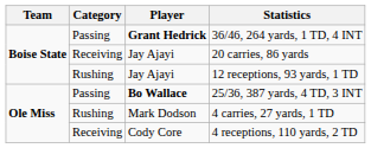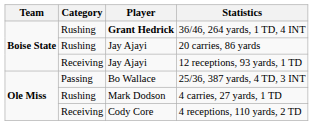 <table class="wikitable" style="float: right;">
 <tr>
 <th>Team</th>
 <th>Category</th>
 <th>Player</th>
 <th>Statistics</th>
 </tr>
 <tr>
 <td rowspan=3><strong>Boise State</strong></td>
-<td>Passing</td>
+<td>Rushing</td>
 <td><strong>Grant Hedrick</strong></td>
 <td>36/46, 264 yards, 1 TD, 4 INT</td>
 </tr>
 <tr>
-<td>Receiving</td>
+<td>Rushing</td>
 <td>Jay Ajayi</td>
 <td>20 carries, 86 yards</td>
 </tr>
 <tr>
-<td>Rushing</td>
+<td>Receiving</td>
 <td>Jay Ajayi</td>
 <td>12 receptions, 93 yards, 1 TD</td>
 </tr>
 <tr>
 <td rowspan=3><strong>Ole Miss</strong></td>
 <td>Passing</td>
-<td><strong>Bo Wallace</strong></td>
+<td>Bo Wallace</td>
 <td>25/36, 387 yards, 4 TD, 3 INT</td>
 </tr>
 <tr>
 <td>Rushing</td>
 <td>Mark Dodson</td>
 <td>4 carries, 27 yards, 1 TD</td>
 </tr>
 <tr>
 <td>Receiving</td>
 <td>Cody Core</td>
 <td>4 receptions, 110 yards, 2 TD</td>
 </tr>
 </table>
